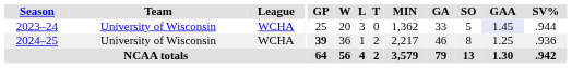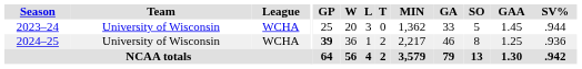 <table border="0" cellpadding="1" cellspacing="0" style="text-align:center; width:60%;">
 <tr bgcolor="#e0e0e0">
 <th><a href='#'>Season</a></th>
 <th>Team</th>
 <th>League</th>
 <th rowspan="99" bgcolor="#ffffff"></th>
 <th>GP</th>
 <th>W</th>
 <th>L</th>
 <th>T</th>
 <th>MIN</th>
 <th>GA</th>
 <th>SO</th>
 <th>GAA</th>
 <th>SV%</th>
 </tr>
 <tr>
 <td><a href='#'>2023–24</a></td>
 <td><a href='#'>University of Wisconsin</a></td>
 <td><a href='#'>WCHA</a></td>
 <td>25</td>
 <td>20</td>
 <td>3</td>
 <td>0</td>
 <td>1,362</td>
 <td>33</td>
 <td>5</td>
-<td style="background: lavender;">1.45</td>
+<td>1.45</td>
 <td>.944</td>
 </tr>
 <tr bgcolor="#f0f0f0">
 <td><a href='#'>2024–25</a></td>
 <td>University of Wisconsin</td>
 <td>WCHA</td>
 <td><strong>39</strong></td>
 <td>36</td>
 <td>1</td>
 <td>2</td>
 <td>2,217</td>
 <td>46</td>
 <td>8</td>
 <td>1.25</td>
 <td>.936</td>
 </tr>
 <tr bgcolor="#e0e0e0">
 <th colspan="4">NCAA totals</th>
 <th>64</th>
 <th>56</th>
 <th>4</th>
 <th>2</th>
 <th>3,579</th>
 <th>79</th>
 <th>13</th>
 <th>1.30</th>
 <th>.942</th>
 </tr>
 </table>
